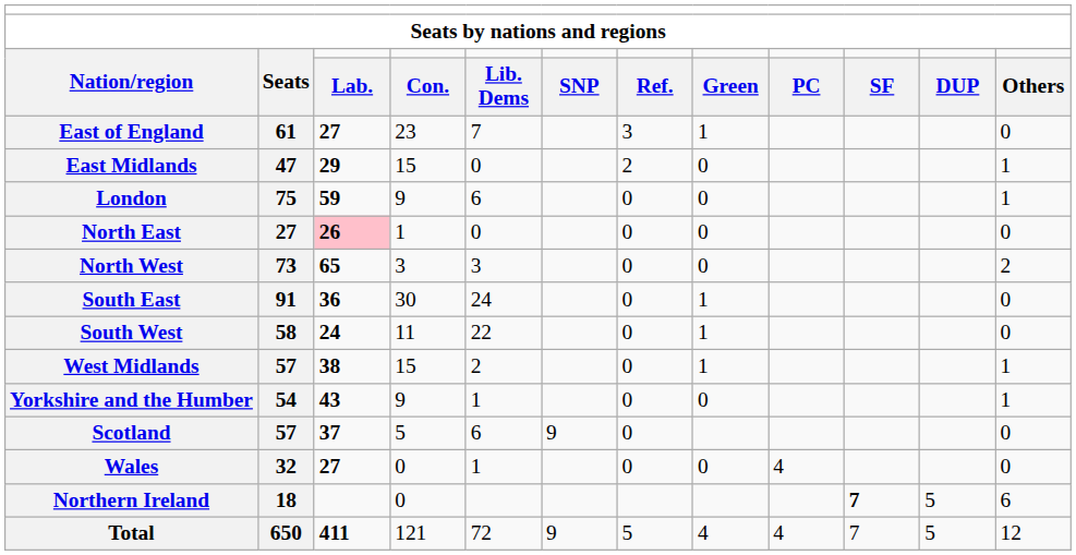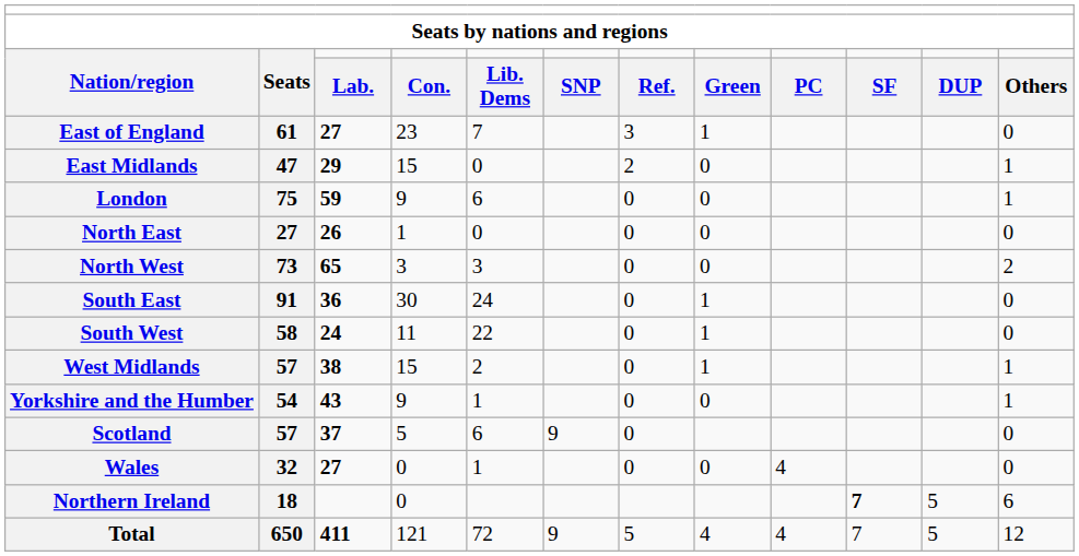 <table class="wikitable defaultcenter col1left" style="font-size:100%">
 <tr>
 <td colspan=15 class="col1center" bgcolor="white"></td>
 </tr>
 <tr>
 <th colspan=15 class="col1center" style="background-color:white;">Seats by nations and regions</th>
 </tr>
 <tr>
 <th rowspan="2"><a href='#'>Nation/region</a></th>
 <th rowspan="2">Seats</th>
 <td></td>
 <td></td>
 <td></td>
 <td></td>
 <td></td>
 <td></td>
 <td></td>
 <td></td>
 <td></td>
 <td></td>
 </tr>
 <tr>
 <th style="width:50px;"><a href='#'>Lab.</a></th>
 <th style="width:50px;"><a href='#'>Con.</a></th>
 <th style="width:50px;"><a href='#'>Lib. Dems</a></th>
 <th style="width:50px;"><a href='#'>SNP</a></th>
 <th style="width:50px;"><a href='#'>Ref.</a></th>
 <th style="width:50px;"><a href='#'>Green</a></th>
 <th style="width:50px;"><a href='#'>PC</a></th>
 <th style="width:50px;"><a href='#'>SF</a></th>
 <th style="width:50px;"><a href='#'>DUP</a></th>
 <th style="width:50px;">Others</th>
 </tr>
 <tr>
 <th><a href='#'>East of England</a></th>
 <th>61</th>
 <td style="font-weight:bold;">27</td>
 <td>23</td>
 <td>7</td>
 <td></td>
 <td>3</td>
 <td>1</td>
 <td></td>
 <td></td>
 <td></td>
 <td>0</td>
 </tr>
 <tr>
 <th><a href='#'>East Midlands</a></th>
 <th>47</th>
 <td style="font-weight:bold;">29</td>
 <td>15</td>
 <td>0</td>
 <td></td>
 <td>2</td>
 <td>0</td>
 <td></td>
 <td></td>
 <td></td>
 <td>1</td>
 </tr>
 <tr>
 <th><a href='#'>London</a></th>
 <th>75</th>
 <td style="font-weight:bold;">59</td>
 <td>9</td>
 <td>6</td>
 <td></td>
 <td>0</td>
 <td>0</td>
 <td></td>
 <td></td>
 <td></td>
 <td>1</td>
 </tr>
 <tr>
 <th><a href='#'>North East</a></th>
 <th>27</th>
-<td style="background: pink; font-weight:bold;">26</td>
+<td style="font-weight:bold;">26</td>
 <td>1</td>
 <td>0</td>
 <td></td>
 <td>0</td>
 <td>0</td>
 <td></td>
 <td></td>
 <td></td>
 <td>0</td>
 </tr>
 <tr>
 <th><a href='#'>North West</a></th>
 <th>73</th>
 <td style="font-weight:bold;">65</td>
 <td>3</td>
 <td>3</td>
 <td></td>
 <td>0</td>
 <td>0</td>
 <td></td>
 <td></td>
 <td></td>
 <td>2</td>
 </tr>
 <tr>
 <th><a href='#'>South East</a></th>
 <th>91</th>
 <td style="font-weight:bold;">36</td>
 <td>30</td>
 <td>24</td>
 <td></td>
 <td>0</td>
 <td>1</td>
 <td></td>
 <td></td>
 <td></td>
 <td>0</td>
 </tr>
 <tr>
 <th><a href='#'>South West</a></th>
 <th>58</th>
 <td style="font-weight:bold;">24</td>
 <td>11</td>
 <td>22</td>
 <td></td>
 <td>0</td>
 <td>1</td>
 <td></td>
 <td></td>
 <td></td>
 <td>0</td>
 </tr>
 <tr>
 <th><a href='#'>West Midlands</a></th>
 <th>57</th>
 <td style="font-weight:bold;">38</td>
 <td>15</td>
 <td>2</td>
 <td></td>
 <td>0</td>
 <td>1</td>
 <td></td>
 <td></td>
 <td></td>
 <td>1</td>
 </tr>
 <tr>
 <th><a href='#'>Yorkshire and the Humber</a></th>
 <th>54</th>
 <td style="font-weight:bold;">43</td>
 <td>9</td>
 <td>1</td>
 <td></td>
 <td>0</td>
 <td>0</td>
 <td></td>
 <td></td>
 <td></td>
 <td>1</td>
 </tr>
 <tr>
 <th><a href='#'>Scotland</a></th>
 <th>57</th>
 <td style="font-weight:bold;">37</td>
 <td>5</td>
 <td>6</td>
 <td>9</td>
 <td>0</td>
 <td></td>
 <td></td>
 <td></td>
 <td></td>
 <td>0</td>
 </tr>
 <tr>
 <th><a href='#'>Wales</a></th>
 <th>32</th>
 <td style="font-weight:bold;">27</td>
 <td>0</td>
 <td>1</td>
 <td></td>
 <td>0</td>
 <td>0</td>
 <td>4</td>
 <td></td>
 <td></td>
 <td>0</td>
 </tr>
 <tr>
 <th><a href='#'>Northern Ireland</a></th>
 <th>18</th>
 <td></td>
 <td>0</td>
 <td></td>
 <td></td>
 <td></td>
 <td></td>
 <td></td>
 <td style="font-weight:bold;">7</td>
 <td>5</td>
 <td>6</td>
 </tr>
 <tr>
 <th>Total</th>
 <th>650</th>
 <td style="font-weight:bold;">411</td>
 <td>121</td>
 <td>72</td>
 <td>9</td>
 <td>5</td>
 <td>4</td>
 <td>4</td>
 <td>7</td>
 <td>5</td>
 <td>12</td>
 </tr>
 </table>
